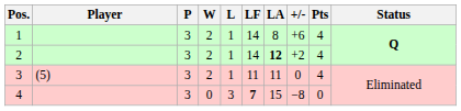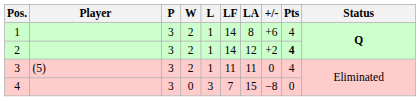 <table class="wikitable" style="text-align:center; margin: 1em auto 1em auto, align:left">
 <tr>
 <th width=20>Pos.</th>
 <th width=175>Player</th>
 <th width=20>P</th>
 <th width=20>W</th>
 <th width=20>L</th>
 <th width=20>LF</th>
 <th width=20>LA</th>
 <th width=20>+/-</th>
 <th width=20>Pts</th>
 <th width=150>Status</th>
 </tr>
 <tr style="background:#CCFFCC;">
 <td>1</td>
 <td style="text-align:left;"></td>
 <td>3</td>
 <td>2</td>
 <td>1</td>
 <td>14</td>
 <td>8</td>
 <td>+6</td>
 <td>4</td>
 <td rowspan=2><strong>Q</strong></td>
 </tr>
 <tr style="background:#CCFFCC;">
 <td>2</td>
 <td style="text-align:left;"></td>
 <td>3</td>
 <td>2</td>
 <td>1</td>
 <td>14</td>
-<td><strong>12</strong></td>
+<td>12</td>
 <td>+2</td>
-<td>4</td>
+<td><strong>4</strong></td>
 </tr>
 <tr style="background:#FFCCCC;">
 <td>3</td>
 <td style="text-align:left;"> (5)</td>
 <td>3</td>
 <td>2</td>
 <td>1</td>
 <td>11</td>
 <td>11</td>
 <td>0</td>
 <td>4</td>
 <td rowspan=2>Eliminated</td>
 </tr>
 <tr style="background:#FFCCCC;">
 <td>4</td>
 <td style="text-align:left;"></td>
 <td>3</td>
 <td>0</td>
 <td>3</td>
-<td><strong>7</strong></td>
+<td>7</td>
 <td>15</td>
 <td>−8</td>
 <td>0</td>
 </tr>
 </table>
